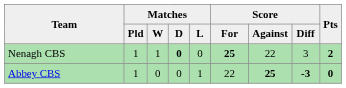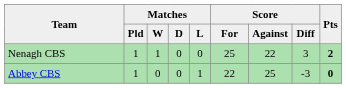 <table style=border-collapse:collapse border=1 cellspacing=0 cellpadding=5>
 <tr align=center bgcolor=#efefef>
 <th rowspan=2 width=165>Team</th>
 <th colspan=4>Matches</th>
 <th colspan=3>Score</th>
 <th rowspan=2width=20>Pts</th>
 </tr>
 <tr align=center bgcolor=#efefef>
 <th width=20>Pld</th>
 <th width=20>W</th>
 <th width=20>D</th>
 <th width=20>L</th>
 <th width=45>For</th>
 <th width=45>Against</th>
 <th width=30>Diff</th>
 </tr>
 <tr align=center style="background:#ACE1AF;">
 <td style="text-align:left;">Nenagh CBS</td>
 <td>1</td>
 <td>1</td>
-<td><strong>0</strong></td>
 <td>0</td>
-<td><strong>25</strong></td>
+<td>0</td>
+<td>25</td>
 <td>22</td>
 <td>3</td>
 <td><strong>2</strong></td>
 </tr>
 <tr align=center style="background:#ACE1AF;">
 <td style="text-align:left;"><a href='#'>Abbey CBS</a></td>
 <td>1</td>
 <td>0</td>
 <td>0</td>
 <td>1</td>
 <td>22</td>
-<td><strong>25</strong></td>
-<td><strong>-3</strong></td>
+<td>25</td>
+<td>-3</td>
 <td><strong>0</strong></td>
 </tr>
 </table>
